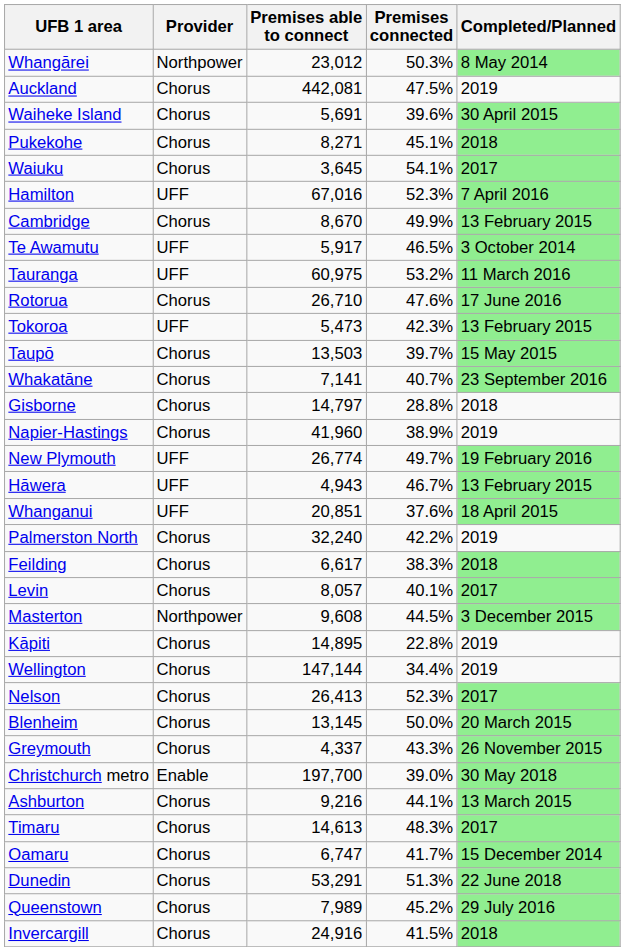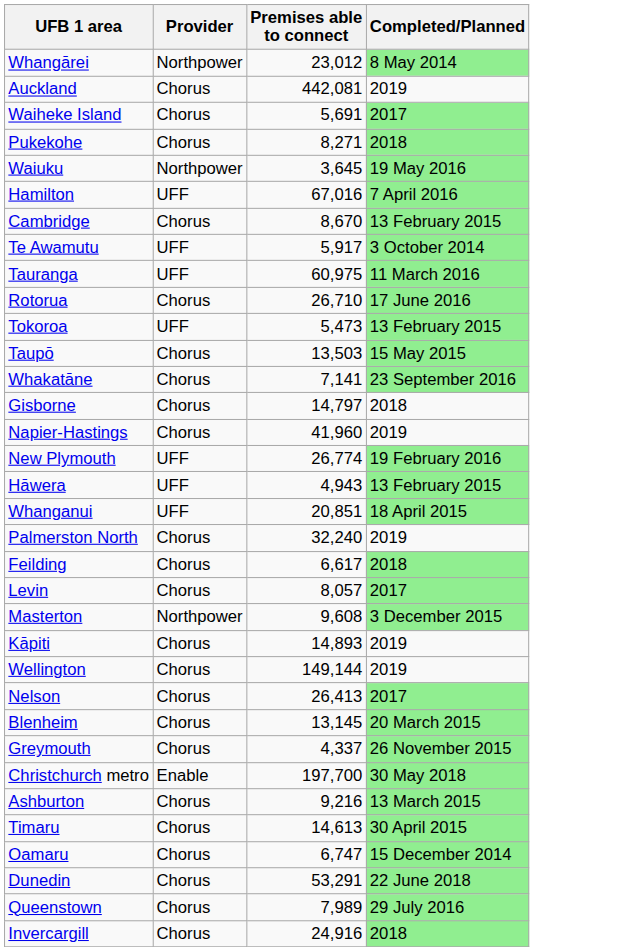 <table class="wikitable sortable">
 <tr>
 <th>UFB 1 area</th>
 <th>Provider</th>
 <th>Premises able<br>to connect</th>
-<th>Premises<br>connected</th>
 <th data-sort-type="date">Completed/Planned</th>
 </tr>
 <tr>
 <td><a href='#'>Whangārei</a></td>
 <td>Northpower</td>
 <td style="text-align: right">23,012</td>
-<td style="text-align: right">50.3%</td>
 <td data-sort-value="May 8, 2014" style="background: lightgreen">8 May 2014</td>
 </tr>
 <tr>
 <td><a href='#'>Auckland</a></td>
 <td>Chorus</td>
 <td style="text-align: right">442,081</td>
-<td style="text-align: right">47.5%</td>
 <td data-sort-value="jan 1, 2019">2019</td>
 </tr>
 <tr>
 <td><a href='#'>Waiheke Island</a></td>
 <td>Chorus</td>
 <td style="text-align: right">5,691</td>
-<td style="text-align: right">39.6%</td>
-<td data-sort-value="April 30, 2015" style="background: lightgreen">30 April 2015</td>
+<td data-sort-value="jan 1, 2017" style="background: lightgreen">2017</td>
 </tr>
 <tr>
 <td><a href='#'>Pukekohe</a></td>
 <td>Chorus</td>
 <td style="text-align: right">8,271</td>
-<td style="text-align: right">45.1%</td>
 <td data-sort-value="jan 1, 2018" style="background: lightgreen">2018</td>
 </tr>
 <tr>
 <td><a href='#'>Waiuku</a></td>
-<td>Chorus</td>
+<td>Northpower</td>
 <td style="text-align: right">3,645</td>
-<td style="text-align: right">54.1%</td>
-<td data-sort-value="dec 1, 2017" style="background: lightgreen">2017</td>
+<td data-sort-value="May 19, 2016" style="background: lightgreen">19 May 2016</td>
 </tr>
 <tr>
 <td><a href='#'>Hamilton</a></td>
 <td>UFF</td>
 <td style="text-align: right">67,016</td>
-<td style="text-align: right">52.3%</td>
 <td data-sort-value="Apr 7, 2016" style="background: lightgreen">7 April 2016</td>
 </tr>
 <tr>
 <td><a href='#'>Cambridge</a></td>
 <td>Chorus</td>
 <td style="text-align: right">8,670</td>
-<td style="text-align: right">49.9%</td>
 <td data-sort-value="February 13, 2015" style="background: lightgreen">13 February 2015</td>
 </tr>
 <tr>
 <td><a href='#'>Te Awamutu</a></td>
 <td>UFF</td>
 <td style="text-align: right">5,917</td>
-<td style="text-align: right">46.5%</td>
 <td data-sort-value="October 3, 2014" style="background: lightgreen">3 October 2014</td>
 </tr>
 <tr>
 <td><a href='#'>Tauranga</a></td>
 <td>UFF</td>
 <td style="text-align: right">60,975</td>
-<td style="text-align: right">53.2%</td>
 <td data-sort-value="mar 11, 2016" style="background: lightgreen">11 March 2016</td>
 </tr>
 <tr>
 <td><a href='#'>Rotorua</a></td>
 <td>Chorus</td>
 <td style="text-align: right">26,710</td>
-<td style="text-align: right">47.6%</td>
 <td data-sort-value="June 17, 2016" style="background: lightgreen">17 June 2016</td>
 </tr>
 <tr>
 <td><a href='#'>Tokoroa</a></td>
 <td>UFF</td>
 <td style="text-align: right">5,473</td>
-<td style="text-align: right">42.3%</td>
 <td data-sort-value="February 13, 2015" style="background: lightgreen">13 February 2015</td>
 </tr>
 <tr>
 <td><a href='#'>Taupō</a></td>
 <td>Chorus</td>
 <td style="text-align: right">13,503</td>
-<td style="text-align: right">39.7%</td>
 <td data-sort-value="May 15, 2015" style="background: lightgreen">15 May 2015</td>
 </tr>
 <tr>
 <td><a href='#'>Whakatāne</a></td>
 <td>Chorus</td>
 <td style="text-align: right">7,141</td>
-<td style="text-align: right">40.7%</td>
 <td data-sort-value="Sep 23, 2016" style="background: lightgreen">23 September 2016</td>
 </tr>
 <tr>
 <td><a href='#'>Gisborne</a></td>
 <td>Chorus</td>
 <td style="text-align: right">14,797</td>
-<td style="text-align: right">28.8%</td>
 <td data-sort-value="dec 1, 2018">2018</td>
 </tr>
 <tr>
 <td><a href='#'>Napier-Hastings</a></td>
 <td>Chorus</td>
 <td style="text-align: right">41,960</td>
-<td style="text-align: right">38.9%</td>
 <td data-sort-value="Dec 31, 2019">2019</td>
 </tr>
 <tr>
 <td><a href='#'>New Plymouth</a></td>
 <td>UFF</td>
 <td style="text-align: right">26,774</td>
-<td style="text-align: right">49.7%</td>
 <td data-sort-value="feb 19, 2016" style="background: lightgreen">19 February 2016</td>
 </tr>
 <tr>
 <td><a href='#'>Hāwera</a></td>
 <td>UFF</td>
 <td style="text-align: right">4,943</td>
-<td style="text-align: right">46.7%</td>
 <td data-sort-value="February 13, 2015" style="background: lightgreen">13 February 2015</td>
 </tr>
 <tr>
 <td><a href='#'>Whanganui</a></td>
 <td>UFF</td>
 <td style="text-align: right">20,851</td>
-<td style="text-align: right">37.6%</td>
 <td data-sort-value="April 18, 2015" style="background: lightgreen">18 April 2015</td>
 </tr>
 <tr>
 <td><a href='#'>Palmerston North</a></td>
 <td>Chorus</td>
 <td style="text-align: right">32,240</td>
-<td style="text-align: right">42.2%</td>
 <td data-sort-value="jan 1, 2019">2019</td>
 </tr>
 <tr>
 <td><a href='#'>Feilding</a></td>
 <td>Chorus</td>
 <td style="text-align: right">6,617</td>
-<td style="text-align: right">38.3%</td>
 <td data-sort-value="jan 1, 2018" style="background: lightgreen">2018</td>
 </tr>
 <tr>
 <td><a href='#'>Levin</a></td>
 <td>Chorus</td>
 <td style="text-align: right">8,057</td>
-<td style="text-align: right">40.1%</td>
 <td data-sort-value="dec 1, 2017" style="background: lightgreen">2017</td>
 </tr>
 <tr>
 <td><a href='#'>Masterton</a></td>
 <td>Northpower</td>
 <td style="text-align: right">9,608</td>
-<td style="text-align: right">44.5%</td>
 <td data-sort-value="December 3, 2015" style="background: lightgreen">3 December 2015</td>
 </tr>
 <tr>
 <td><a href='#'>Kāpiti</a></td>
 <td>Chorus</td>
-<td style="text-align: right">14,895</td>
-<td style="text-align: right">22.8%</td>
+<td style="text-align: right">14,893</td>
 <td data-sort-value="jan 1, 2019">2019</td>
 </tr>
 <tr>
 <td><a href='#'>Wellington</a></td>
 <td>Chorus</td>
-<td style="text-align: right">147,144</td>
-<td style="text-align: right">34.4%</td>
+<td style="text-align: right">149,144</td>
 <td data-sort-value="jan 1, 2019">2019</td>
 </tr>
 <tr>
 <td><a href='#'>Nelson</a></td>
 <td>Chorus</td>
 <td style="text-align: right">26,413</td>
-<td style="text-align: right">52.3%</td>
 <td data-sort-value="jdec 1, 2017" style="background: lightgreen">2017</td>
 </tr>
 <tr>
 <td><a href='#'>Blenheim</a></td>
 <td>Chorus</td>
 <td style="text-align: right">13,145</td>
-<td style="text-align: right">50.0%</td>
 <td data-sort-value="March 20, 2015" style="background: lightgreen">20 March 2015</td>
 </tr>
 <tr>
 <td><a href='#'>Greymouth</a></td>
 <td>Chorus</td>
 <td style="text-align: right">4,337</td>
-<td style="text-align: right">43.3%</td>
 <td data-sort-value="November 26, 2015" style="background: lightgreen">26 November 2015</td>
 </tr>
 <tr>
 <td><a href='#'>Christchurch</a> metro </td>
 <td>Enable</td>
 <td style="text-align: right">197,700</td>
-<td style="text-align: right">39.0%</td>
 <td data-sort-value="may 30, 2018" style="background: lightgreen">30 May 2018</td>
 </tr>
 <tr>
 <td><a href='#'>Ashburton</a></td>
 <td>Chorus</td>
 <td style="text-align: right">9,216</td>
-<td style="text-align: right">44.1%</td>
 <td data-sort-value="March 13, 2015" style="background: lightgreen">13 March 2015</td>
 </tr>
 <tr>
 <td><a href='#'>Timaru</a></td>
 <td>Chorus</td>
 <td style="text-align: right">14,613</td>
-<td style="text-align: right">48.3%</td>
-<td data-sort-value="jan 1, 2017" style="background: lightgreen">2017</td>
+<td data-sort-value="April 30, 2015" style="background: lightgreen">30 April 2015</td>
 </tr>
 <tr>
 <td><a href='#'>Oamaru</a></td>
 <td>Chorus</td>
 <td style="text-align: right">6,747</td>
-<td style="text-align: right">41.7%</td>
 <td data-sort-value="December 15, 2014" style="background: lightgreen">15 December 2014</td>
 </tr>
 <tr>
 <td><a href='#'>Dunedin</a></td>
 <td>Chorus</td>
 <td style="text-align: right">53,291</td>
-<td style="text-align: right">51.3%</td>
 <td data-sort-value="June 22, 2018" style="background: lightgreen">22 June 2018</td>
 </tr>
 <tr>
 <td><a href='#'>Queenstown</a></td>
 <td>Chorus</td>
 <td style="text-align: right">7,989</td>
-<td style="text-align: right">45.2%</td>
 <td data-sort-value="July 29, 2016" style="background: lightgreen">29 July 2016 </td>
 </tr>
 <tr>
 <td><a href='#'>Invercargill</a></td>
 <td>Chorus</td>
 <td style="text-align: right">24,916</td>
-<td style="text-align: right">41.5%</td>
 <td data-sort-value="dec 1, 2018" style="background: lightgreen">2018</td>
 </tr>
 </table>
